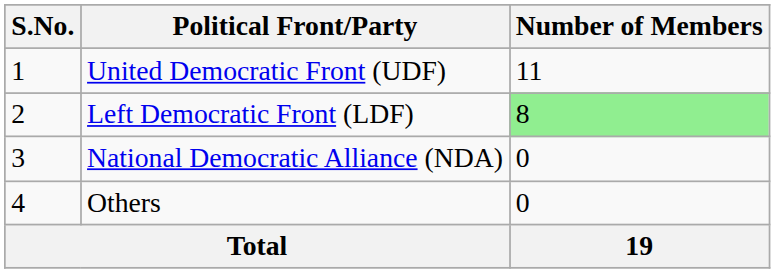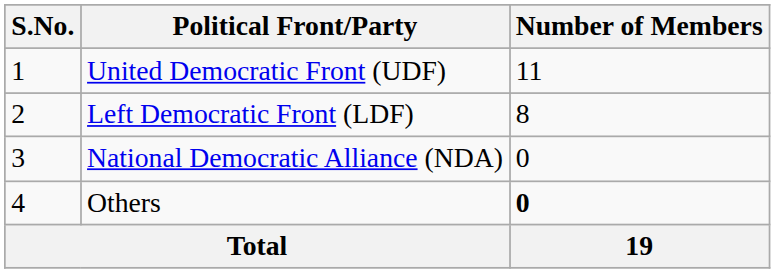 <table class="sortable wikitable">
 <tr>
 <th>S.No.</th>
 <th>Political Front/Party</th>
 <th>Number of Members</th>
 </tr>
 <tr>
 <td>1</td>
 <td><a href='#'>United Democratic Front</a> (UDF)</td>
 <td>11</td>
 </tr>
 <tr>
 <td>2</td>
 <td><a href='#'>Left Democratic Front</a> (LDF)</td>
-<td style="background: lightgreen;">8</td>
+<td>8</td>
 </tr>
 <tr>
 <td>3</td>
 <td><a href='#'>National Democratic Alliance</a> (NDA)</td>
 <td>0</td>
 </tr>
 <tr>
 <td>4</td>
 <td>Others</td>
-<td>0</td>
+<td><strong>0</strong></td>
 </tr>
 <tr>
 <th colspan="2">Total</th>
 <th>19</th>
 </tr>
 </table>
